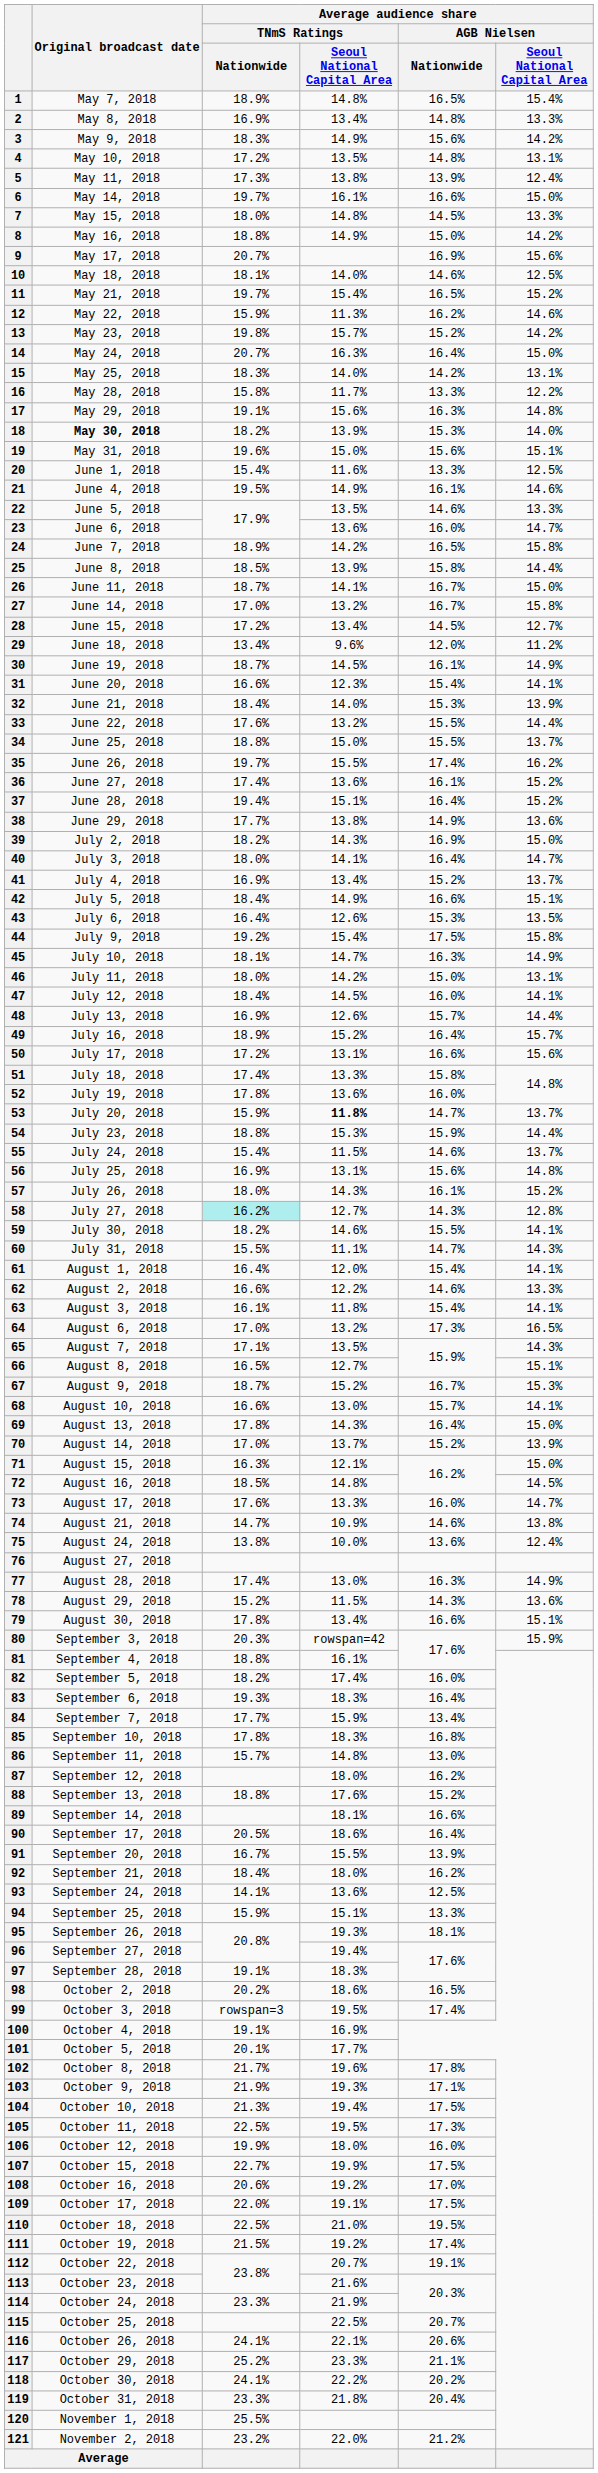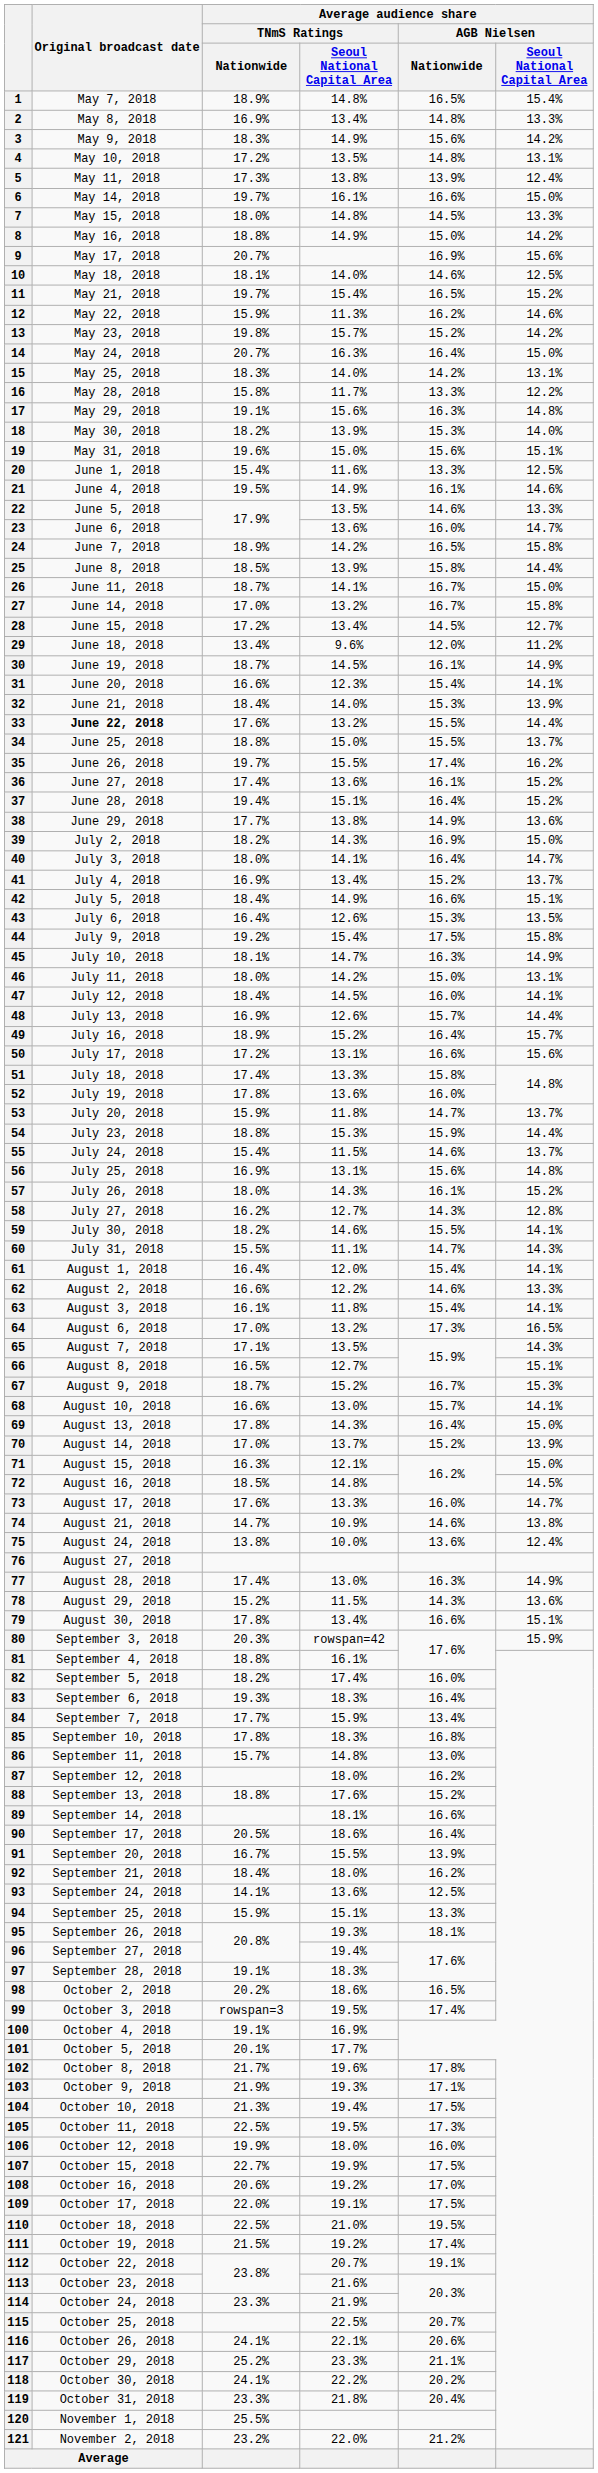 <table class="wikitable" style="text-align:center">
 <tr>
 <th rowspan="3"></th>
 <th rowspan="3">Original broadcast date</th>
 <th colspan="4">Average audience share</th>
 </tr>
 <tr>
 <th colspan="2">TNmS Ratings</th>
 <th colspan="2">AGB Nielsen</th>
 </tr>
 <tr>
 <th width=100>Nationwide</th>
 <th width=100><a href='#'>Seoul National Capital Area</a></th>
 <th width=100>Nationwide</th>
 <th width=100><a href='#'>Seoul National Capital Area</a></th>
 </tr>
 <tr>
 <th>1</th>
 <td>May 7, 2018</td>
 <td>18.9% </td>
 <td>14.8%</td>
 <td>16.5% </td>
 <td>15.4% </td>
 </tr>
 <tr>
 <th>2</th>
 <td>May 8, 2018</td>
 <td>16.9% </td>
 <td>13.4%</td>
 <td>14.8% </td>
 <td>13.3% </td>
 </tr>
 <tr>
 <th>3</th>
 <td>May 9, 2018</td>
 <td>18.3% </td>
 <td>14.9%</td>
 <td>15.6% </td>
 <td>14.2% </td>
 </tr>
 <tr>
 <th>4</th>
 <td>May 10, 2018</td>
 <td>17.2% </td>
 <td>13.5%</td>
 <td>14.8% </td>
 <td>13.1% </td>
 </tr>
 <tr>
 <th>5</th>
 <td>May 11, 2018</td>
 <td>17.3% </td>
 <td>13.8%</td>
 <td>13.9% </td>
 <td>12.4% </td>
 </tr>
 <tr>
 <th>6</th>
 <td>May 14, 2018</td>
 <td>19.7% </td>
 <td>16.1%</td>
 <td>16.6% </td>
 <td>15.0% </td>
 </tr>
 <tr>
 <th>7</th>
 <td>May 15, 2018</td>
 <td>18.0% </td>
 <td>14.8%</td>
 <td>14.5% </td>
 <td>13.3% </td>
 </tr>
 <tr>
 <th>8</th>
 <td>May 16, 2018</td>
 <td>18.8% </td>
 <td>14.9%</td>
 <td>15.0% </td>
 <td>14.2% </td>
 </tr>
 <tr>
 <th>9</th>
 <td>May 17, 2018</td>
 <td>20.7% </td>
 <td></td>
 <td>16.9% </td>
 <td>15.6% </td>
 </tr>
 <tr>
 <th>10</th>
 <td>May 18, 2018</td>
 <td>18.1% </td>
 <td>14.0%</td>
 <td>14.6% </td>
 <td>12.5% </td>
 </tr>
 <tr>
 <th>11</th>
 <td>May 21, 2018</td>
 <td>19.7% </td>
 <td>15.4%</td>
 <td>16.5% </td>
 <td>15.2% </td>
 </tr>
 <tr>
 <th>12</th>
 <td>May 22, 2018</td>
 <td>15.9% </td>
 <td>11.3%</td>
 <td>16.2% </td>
 <td>14.6% </td>
 </tr>
 <tr>
 <th>13</th>
 <td>May 23, 2018</td>
 <td>19.8% </td>
 <td>15.7%</td>
 <td>15.2% </td>
 <td>14.2% </td>
 </tr>
 <tr>
 <th>14</th>
 <td>May 24, 2018</td>
 <td>20.7% </td>
 <td>16.3%</td>
 <td>16.4% </td>
 <td>15.0% </td>
 </tr>
 <tr>
 <th>15</th>
 <td>May 25, 2018</td>
 <td>18.3% </td>
 <td>14.0%</td>
 <td>14.2% </td>
 <td>13.1% </td>
 </tr>
 <tr>
 <th>16</th>
 <td>May 28, 2018</td>
 <td>15.8% </td>
 <td>11.7%</td>
 <td>13.3% </td>
 <td>12.2% </td>
 </tr>
 <tr>
 <th>17</th>
 <td>May 29, 2018</td>
 <td>19.1% </td>
 <td>15.6%</td>
 <td>16.3% </td>
 <td>14.8% </td>
 </tr>
 <tr>
 <th>18</th>
-<td><strong>May 30, 2018</strong></td>
+<td>May 30, 2018</td>
 <td>18.2% </td>
 <td>13.9%</td>
 <td>15.3% </td>
 <td>14.0% </td>
 </tr>
 <tr>
 <th>19</th>
 <td>May 31, 2018</td>
 <td>19.6% </td>
 <td>15.0%</td>
 <td>15.6% </td>
 <td>15.1% </td>
 </tr>
 <tr>
 <th>20</th>
 <td>June 1, 2018</td>
 <td>15.4%</td>
 <td>11.6%</td>
 <td>13.3% </td>
 <td>12.5% </td>
 </tr>
 <tr>
 <th>21</th>
 <td>June 4, 2018</td>
 <td>19.5%</td>
 <td>14.9%</td>
 <td>16.1% </td>
 <td>14.6% </td>
 </tr>
 <tr>
 <th>22</th>
 <td>June 5, 2018</td>
 <td rowspan="2">17.9%</td>
 <td>13.5%</td>
 <td>14.6% </td>
 <td>13.3% </td>
 </tr>
 <tr>
 <th>23</th>
 <td>June 6, 2018</td>
 <td>13.6%</td>
 <td>16.0% </td>
 <td>14.7% </td>
 </tr>
 <tr>
 <th>24</th>
 <td>June 7, 2018</td>
 <td>18.9%</td>
 <td>14.2%</td>
 <td>16.5% </td>
 <td>15.8% </td>
 </tr>
 <tr>
 <th>25</th>
 <td>June 8, 2018</td>
 <td>18.5%</td>
 <td>13.9%</td>
 <td>15.8% </td>
 <td>14.4% </td>
 </tr>
 <tr>
 <th>26</th>
 <td>June 11, 2018</td>
 <td>18.7%</td>
 <td>14.1%</td>
 <td>16.7% </td>
 <td>15.0% </td>
 </tr>
 <tr>
 <th>27</th>
 <td>June 14, 2018</td>
 <td>17.0%</td>
 <td>13.2%</td>
 <td>16.7% </td>
 <td>15.8% </td>
 </tr>
 <tr>
 <th>28</th>
 <td>June 15, 2018</td>
 <td>17.2%</td>
 <td>13.4%</td>
 <td>14.5% </td>
 <td>12.7% </td>
 </tr>
 <tr>
 <th>29</th>
 <td>June 18, 2018</td>
 <td>13.4%</td>
 <td>9.6%</td>
 <td>12.0% </td>
 <td>11.2% </td>
 </tr>
 <tr>
 <th>30</th>
 <td>June 19, 2018</td>
 <td>18.7%</td>
 <td>14.5%</td>
 <td>16.1% </td>
 <td>14.9% </td>
 </tr>
 <tr>
 <th>31</th>
 <td>June 20, 2018</td>
 <td>16.6%</td>
 <td>12.3%</td>
 <td>15.4% </td>
 <td>14.1% </td>
 </tr>
 <tr>
 <th>32</th>
 <td>June 21, 2018</td>
 <td>18.4%</td>
 <td>14.0%</td>
 <td>15.3% </td>
 <td>13.9% </td>
 </tr>
 <tr>
 <th>33</th>
-<td>June 22, 2018</td>
+<td><strong>June 22, 2018</strong></td>
 <td>17.6%</td>
 <td>13.2%</td>
 <td>15.5% </td>
 <td>14.4% </td>
 </tr>
 <tr>
 <th>34</th>
 <td>June 25, 2018</td>
 <td>18.8%</td>
 <td>15.0%</td>
 <td>15.5% </td>
 <td>13.7% </td>
 </tr>
 <tr>
 <th>35</th>
 <td>June 26, 2018</td>
 <td>19.7%</td>
 <td>15.5%</td>
 <td>17.4% </td>
 <td>16.2% </td>
 </tr>
 <tr>
 <th>36</th>
 <td>June 27, 2018</td>
 <td>17.4%</td>
 <td>13.6%</td>
 <td>16.1% </td>
 <td>15.2% </td>
 </tr>
 <tr>
 <th>37</th>
 <td>June 28, 2018</td>
 <td>19.4%</td>
 <td>15.1%</td>
 <td>16.4% </td>
 <td>15.2% </td>
 </tr>
 <tr>
 <th>38</th>
 <td>June 29, 2018</td>
 <td>17.7%</td>
 <td>13.8%</td>
 <td>14.9% </td>
 <td>13.6% </td>
 </tr>
 <tr>
 <th>39</th>
 <td>July 2, 2018</td>
 <td>18.2%</td>
 <td>14.3%</td>
 <td>16.9% </td>
 <td>15.0% </td>
 </tr>
 <tr>
 <th>40</th>
 <td>July 3, 2018</td>
 <td>18.0%</td>
 <td>14.1%</td>
 <td>16.4% </td>
 <td>14.7% </td>
 </tr>
 <tr>
 <th>41</th>
 <td>July 4, 2018</td>
 <td>16.9%</td>
 <td>13.4%</td>
 <td>15.2% </td>
 <td>13.7% </td>
 </tr>
 <tr>
 <th>42</th>
 <td>July 5, 2018</td>
 <td>18.4%</td>
 <td>14.9%</td>
 <td>16.6% </td>
 <td>15.1% </td>
 </tr>
 <tr>
 <th>43</th>
 <td>July 6, 2018</td>
 <td>16.4%</td>
 <td>12.6%</td>
 <td>15.3% </td>
 <td>13.5% </td>
 </tr>
 <tr>
 <th>44</th>
 <td>July 9, 2018</td>
 <td>19.2%</td>
 <td>15.4%</td>
 <td>17.5% </td>
 <td>15.8% </td>
 </tr>
 <tr>
 <th>45</th>
 <td>July 10, 2018</td>
 <td>18.1%</td>
 <td>14.7%</td>
 <td>16.3% </td>
 <td>14.9% </td>
 </tr>
 <tr>
 <th>46</th>
 <td>July 11, 2018</td>
 <td>18.0%</td>
 <td>14.2%</td>
 <td>15.0% </td>
 <td>13.1% </td>
 </tr>
 <tr>
 <th>47</th>
 <td>July 12, 2018</td>
 <td>18.4%</td>
 <td>14.5%</td>
 <td>16.0% </td>
 <td>14.1% </td>
 </tr>
 <tr>
 <th>48</th>
 <td>July 13, 2018</td>
 <td>16.9%</td>
 <td>12.6%</td>
 <td>15.7% </td>
 <td>14.4% </td>
 </tr>
 <tr>
 <th>49</th>
 <td>July 16, 2018</td>
 <td>18.9%</td>
 <td>15.2%</td>
 <td>16.4% </td>
 <td>15.7% </td>
 </tr>
 <tr>
 <th>50</th>
 <td>July 17, 2018</td>
 <td>17.2%</td>
 <td>13.1%</td>
 <td>16.6% </td>
 <td>15.6% </td>
 </tr>
 <tr>
 <th>51</th>
 <td>July 18, 2018</td>
 <td>17.4%</td>
 <td>13.3%</td>
 <td>15.8% </td>
 <td rowspan="2">14.8% </td>
 </tr>
 <tr>
 <th>52</th>
 <td>July 19, 2018</td>
 <td>17.8%</td>
 <td>13.6%</td>
 <td>16.0% </td>
 </tr>
 <tr>
 <th>53</th>
 <td>July 20, 2018</td>
 <td>15.9%</td>
-<td><strong>11.8%</strong></td>
+<td>11.8%</td>
 <td>14.7% </td>
 <td>13.7% </td>
 </tr>
 <tr>
 <th>54</th>
 <td>July 23, 2018</td>
 <td>18.8%</td>
 <td>15.3%</td>
 <td>15.9% </td>
 <td>14.4% </td>
 </tr>
 <tr>
 <th>55</th>
 <td>July 24, 2018</td>
 <td>15.4%</td>
 <td>11.5%</td>
 <td>14.6% </td>
 <td>13.7% </td>
 </tr>
 <tr>
 <th>56</th>
 <td>July 25, 2018</td>
 <td>16.9%</td>
 <td>13.1%</td>
 <td>15.6% </td>
 <td>14.8% </td>
 </tr>
 <tr>
 <th>57</th>
 <td>July 26, 2018</td>
 <td>18.0%</td>
 <td>14.3%</td>
 <td>16.1% </td>
 <td>15.2% </td>
 </tr>
 <tr>
 <th>58</th>
 <td>July 27, 2018</td>
-<td style="background: paleturquoise;">16.2%</td>
+<td>16.2%</td>
 <td>12.7%</td>
 <td>14.3% </td>
 <td>12.8% </td>
 </tr>
 <tr>
 <th>59</th>
 <td>July 30, 2018</td>
 <td>18.2%</td>
 <td>14.6%</td>
 <td>15.5% </td>
 <td>14.1% </td>
 </tr>
 <tr>
 <th>60</th>
 <td>July 31, 2018</td>
 <td>15.5%</td>
 <td>11.1%</td>
 <td>14.7% </td>
 <td>14.3% </td>
 </tr>
 <tr>
 <th>61</th>
 <td>August 1, 2018</td>
 <td>16.4%</td>
 <td>12.0%</td>
 <td>15.4% </td>
 <td>14.1% </td>
 </tr>
 <tr>
 <th>62</th>
 <td>August 2, 2018</td>
 <td>16.6%</td>
 <td>12.2%</td>
 <td>14.6% </td>
 <td>13.3% </td>
 </tr>
 <tr>
 <th>63</th>
 <td>August 3, 2018</td>
 <td>16.1%</td>
 <td>11.8%</td>
 <td>15.4% </td>
 <td>14.1% </td>
 </tr>
 <tr>
 <th>64</th>
 <td>August 6, 2018</td>
 <td>17.0%</td>
 <td>13.2%</td>
 <td>17.3% </td>
 <td>16.5% </td>
 </tr>
 <tr>
 <th>65</th>
 <td>August 7, 2018</td>
 <td>17.1%</td>
 <td>13.5%</td>
 <td rowspan="2">15.9% </td>
 <td>14.3% </td>
 </tr>
 <tr>
 <th>66</th>
 <td>August 8, 2018</td>
 <td>16.5%</td>
 <td>12.7%</td>
 <td>15.1% </td>
 </tr>
 <tr>
 <th>67</th>
 <td>August 9, 2018</td>
 <td>18.7%</td>
 <td>15.2%</td>
 <td>16.7% </td>
 <td>15.3% </td>
 </tr>
 <tr>
 <th>68</th>
 <td>August 10, 2018</td>
 <td>16.6%</td>
 <td>13.0%</td>
 <td>15.7% </td>
 <td>14.1% </td>
 </tr>
 <tr>
 <th>69</th>
 <td>August 13, 2018</td>
 <td>17.8%</td>
 <td>14.3%</td>
 <td>16.4% </td>
 <td>15.0% </td>
 </tr>
 <tr>
 <th>70</th>
 <td>August 14, 2018</td>
 <td>17.0%</td>
 <td>13.7%</td>
 <td>15.2% </td>
 <td>13.9% </td>
 </tr>
 <tr>
 <th>71</th>
 <td>August 15, 2018</td>
 <td>16.3%</td>
 <td>12.1%</td>
 <td rowspan="2">16.2% </td>
 <td>15.0% </td>
 </tr>
 <tr>
 <th>72</th>
 <td>August 16, 2018</td>
 <td>18.5%</td>
 <td>14.8%</td>
 <td>14.5% </td>
 </tr>
 <tr>
 <th>73</th>
 <td>August 17, 2018</td>
 <td>17.6%</td>
 <td>13.3%</td>
 <td>16.0% </td>
 <td>14.7% </td>
 </tr>
 <tr>
 <th>74</th>
 <td>August 21, 2018</td>
 <td>14.7%</td>
 <td>10.9%</td>
 <td>14.6% </td>
 <td>13.8% </td>
 </tr>
 <tr>
 <th>75</th>
 <td>August 24, 2018</td>
 <td>13.8%</td>
 <td>10.0%</td>
 <td>13.6% </td>
 <td>12.4% </td>
 </tr>
 <tr>
 <th>76</th>
 <td>August 27, 2018</td>
 <td></td>
 <td></td>
 <td> </td>
 <td> </td>
 </tr>
 <tr>
 <th>77</th>
 <td>August 28, 2018</td>
 <td>17.4%</td>
 <td>13.0%</td>
 <td>16.3% </td>
 <td>14.9% </td>
 </tr>
 <tr>
 <th>78</th>
 <td>August 29, 2018</td>
 <td>15.2%</td>
 <td>11.5%</td>
 <td>14.3% </td>
 <td>13.6% </td>
 </tr>
 <tr>
 <th>79</th>
 <td>August 30, 2018</td>
 <td>17.8%</td>
 <td>13.4%</td>
 <td>16.6% </td>
 <td>15.1% </td>
 </tr>
 <tr>
 <th>80</th>
 <td>September 3, 2018</td>
 <td>20.3%</td>
 <td>rowspan=42 </td>
 <td rowspan="2">17.6% </td>
 <td>15.9% </td>
 </tr>
 <tr>
 <th>81</th>
 <td>September 4, 2018</td>
 <td>18.8%</td>
 <td>16.1% </td>
 </tr>
 <tr>
 <th>82</th>
 <td>September 5, 2018</td>
 <td>18.2%</td>
 <td>17.4% </td>
 <td>16.0% </td>
 </tr>
 <tr>
 <th>83</th>
 <td>September 6, 2018</td>
 <td>19.3%</td>
 <td>18.3% </td>
 <td>16.4% </td>
 </tr>
 <tr>
 <th>84</th>
 <td>September 7, 2018</td>
 <td>17.7%</td>
 <td>15.9% </td>
 <td>13.4% </td>
 </tr>
 <tr>
 <th>85</th>
 <td>September 10, 2018</td>
 <td>17.8%</td>
 <td>18.3% </td>
 <td>16.8% </td>
 </tr>
 <tr>
 <th>86</th>
 <td>September 11, 2018</td>
 <td>15.7%</td>
 <td>14.8% </td>
 <td>13.0% </td>
 </tr>
 <tr>
 <th>87</th>
 <td>September 12, 2018</td>
 <td></td>
 <td>18.0% </td>
 <td>16.2% </td>
 </tr>
 <tr>
 <th>88</th>
 <td>September 13, 2018</td>
 <td>18.8%</td>
 <td>17.6% </td>
 <td>15.2% </td>
 </tr>
 <tr>
 <th>89</th>
 <td>September 14, 2018</td>
 <td></td>
 <td>18.1% </td>
 <td>16.6% </td>
 </tr>
 <tr>
 <th>90</th>
 <td>September 17, 2018</td>
 <td>20.5%</td>
 <td>18.6% </td>
 <td>16.4% </td>
 </tr>
 <tr>
 <th>91</th>
 <td>September 20, 2018</td>
 <td>16.7%</td>
 <td>15.5% </td>
 <td>13.9% </td>
 </tr>
 <tr>
 <th>92</th>
 <td>September 21, 2018</td>
 <td>18.4%</td>
 <td>18.0% </td>
 <td>16.2% </td>
 </tr>
 <tr>
 <th>93</th>
 <td>September 24, 2018</td>
 <td>14.1%</td>
 <td>13.6% </td>
 <td>12.5% </td>
 </tr>
 <tr>
 <th>94</th>
 <td>September 25, 2018</td>
 <td>15.9%</td>
 <td>15.1% </td>
 <td>13.3% </td>
 </tr>
 <tr>
 <th>95</th>
 <td>September 26, 2018</td>
 <td rowspan="2">20.8%</td>
 <td>19.3% </td>
 <td>18.1% </td>
 </tr>
 <tr>
 <th>96</th>
 <td>September 27, 2018</td>
 <td>19.4% </td>
 <td rowspan="2">17.6% </td>
 </tr>
 <tr>
 <th>97</th>
 <td>September 28, 2018</td>
 <td>19.1%</td>
 <td>18.3% </td>
 </tr>
 <tr>
 <th>98</th>
 <td>October 2, 2018</td>
 <td>20.2%</td>
 <td>18.6% </td>
 <td>16.5% </td>
 </tr>
 <tr>
 <th>99</th>
 <td>October 3, 2018</td>
 <td>rowspan=3</td>
 <td>19.5% </td>
 <td>17.4% </td>
 </tr>
 <tr>
 <th>100</th>
 <td>October 4, 2018</td>
 <td>19.1% </td>
 <td>16.9% </td>
 </tr>
 <tr>
 <th>101</th>
 <td>October 5, 2018</td>
 <td>20.1% </td>
 <td>17.7% </td>
 </tr>
 <tr>
 <th>102</th>
 <td>October 8, 2018</td>
 <td>21.7%</td>
 <td>19.6% </td>
 <td>17.8% </td>
 </tr>
 <tr>
 <th>103</th>
 <td>October 9, 2018</td>
 <td>21.9%</td>
 <td>19.3% </td>
 <td>17.1% </td>
 </tr>
 <tr>
 <th>104</th>
 <td>October 10, 2018</td>
 <td>21.3%</td>
 <td>19.4% </td>
 <td>17.5% </td>
 </tr>
 <tr>
 <th>105</th>
 <td>October 11, 2018</td>
 <td>22.5%</td>
 <td>19.5% </td>
 <td>17.3% </td>
 </tr>
 <tr>
 <th>106</th>
 <td>October 12, 2018</td>
 <td>19.9%</td>
 <td>18.0% </td>
 <td>16.0% </td>
 </tr>
 <tr>
 <th>107</th>
 <td>October 15, 2018</td>
 <td>22.7%</td>
 <td>19.9% </td>
 <td>17.5% </td>
 </tr>
 <tr>
 <th>108</th>
 <td>October 16, 2018</td>
 <td>20.6%</td>
 <td>19.2% </td>
 <td>17.0% </td>
 </tr>
 <tr>
 <th>109</th>
 <td>October 17, 2018</td>
 <td>22.0%</td>
 <td>19.1% </td>
 <td>17.5% </td>
 </tr>
 <tr>
 <th>110</th>
 <td>October 18, 2018</td>
 <td>22.5%</td>
 <td>21.0% </td>
 <td>19.5% </td>
 </tr>
 <tr>
 <th>111</th>
 <td>October 19, 2018</td>
 <td>21.5%</td>
 <td>19.2% </td>
 <td>17.4% </td>
 </tr>
 <tr>
 <th>112</th>
 <td>October 22, 2018</td>
 <td rowspan=2>23.8%</td>
 <td>20.7% </td>
 <td>19.1% </td>
 </tr>
 <tr>
 <th>113</th>
 <td>October 23, 2018</td>
 <td>21.6% </td>
 <td rowspan=2>20.3% </td>
 </tr>
 <tr>
 <th>114</th>
 <td>October 24, 2018</td>
 <td>23.3%</td>
 <td>21.9% </td>
 </tr>
 <tr>
 <th>115</th>
 <td>October 25, 2018</td>
 <td></td>
 <td>22.5% </td>
 <td>20.7% </td>
 </tr>
 <tr>
 <th>116</th>
 <td>October 26, 2018</td>
 <td>24.1%</td>
 <td>22.1% </td>
 <td>20.6% </td>
 </tr>
 <tr>
 <th>117</th>
 <td>October 29, 2018</td>
 <td>25.2%</td>
 <td>23.3% </td>
 <td>21.1% </td>
 </tr>
 <tr>
 <th>118</th>
 <td>October 30, 2018</td>
 <td>24.1%</td>
 <td>22.2% </td>
 <td>20.2% </td>
 </tr>
 <tr>
 <th>119</th>
 <td>October 31, 2018</td>
 <td>23.3%</td>
 <td>21.8% </td>
 <td>20.4% </td>
 </tr>
 <tr>
 <th>120</th>
 <td>November 1, 2018</td>
 <td>25.5%</td>
 <td> </td>
 <td> </td>
 </tr>
 <tr>
 <th>121</th>
 <td>November 2, 2018</td>
 <td>23.2%</td>
 <td>22.0% </td>
 <td>21.2% </td>
 </tr>
 <tr>
 <th colspan="2">Average</th>
 <th></th>
 <th></th>
 <th></th>
 <th></th>
 </tr>
 </table>
